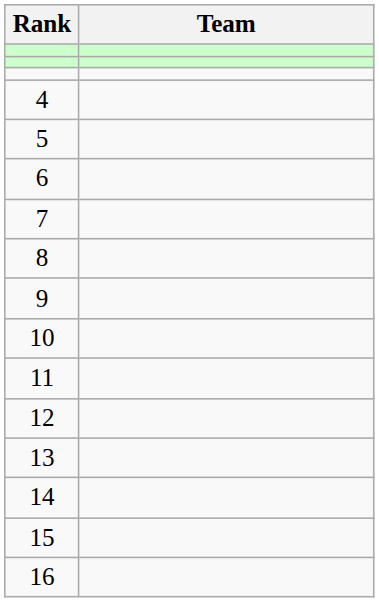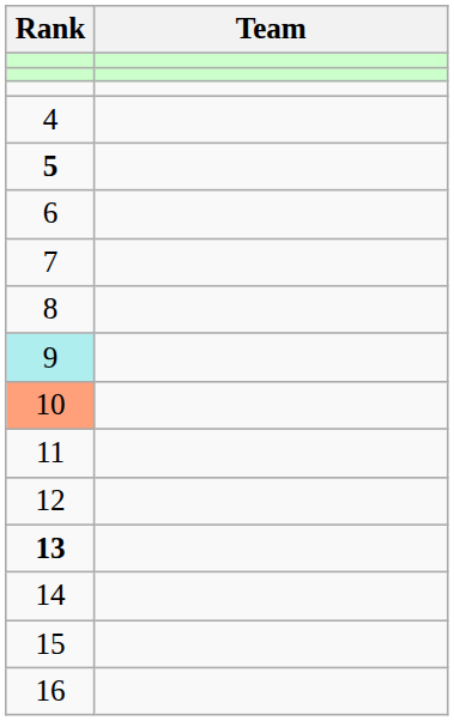 <table class="wikitable" style="text-align: center;">
 <tr>
 <th width=40>Rank</th>
 <th width=180>Team</th>
 </tr>
 <tr bgcolor=#ccffcc>
 <td></td>
 <td align=left></td>
 </tr>
 <tr bgcolor=#ccffcc>
 <td></td>
 <td align=left></td>
 </tr>
 <tr>
 <td></td>
 <td align=left></td>
 </tr>
 <tr>
 <td>4</td>
 <td align=left></td>
 </tr>
 <tr>
-<td>5</td>
+<td><strong>5</strong></td>
 <td align=left></td>
 </tr>
 <tr>
 <td>6</td>
 <td align=left></td>
 </tr>
 <tr>
 <td>7</td>
 <td align=left></td>
 </tr>
 <tr>
 <td>8</td>
 <td align=left></td>
 </tr>
 <tr>
-<td>9</td>
+<td style="background: paleturquoise;">9</td>
 <td align=left></td>
 </tr>
 <tr>
-<td>10</td>
+<td style="background: lightsalmon;">10</td>
 <td align=left></td>
 </tr>
 <tr>
 <td>11</td>
 <td align=left></td>
 </tr>
 <tr>
 <td>12</td>
 <td align=left></td>
 </tr>
 <tr>
-<td>13</td>
+<td><strong>13</strong></td>
 <td align=left></td>
 </tr>
 <tr>
 <td>14</td>
 <td align=left></td>
 </tr>
 <tr>
 <td>15</td>
 <td align=left></td>
 </tr>
 <tr>
 <td>16</td>
 <td align=left></td>
 </tr>
 </table>
